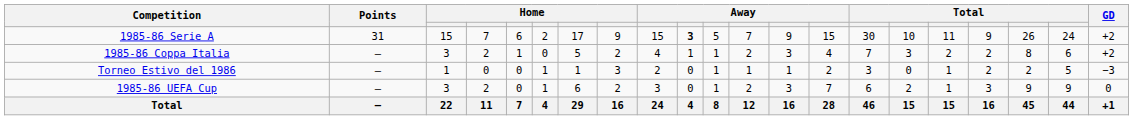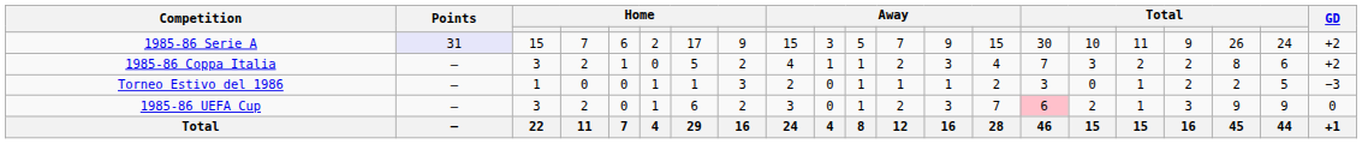 <table class="wikitable" style="font-size:90%;width:100%;margin:auto;clear:both;text-align:center;">
 <tr>
 <th rowspan="2">Competition</th>
 <th rowspan="2">Points</th>
 <th colspan="6">Home</th>
 <th colspan="6">Away</th>
 <th colspan="6">Total</th>
 <th rowspan="2"><a href='#'>GD</a></th>
 </tr>
 <tr>
 <th></th>
 <th></th>
 <th></th>
 <th></th>
 <th></th>
 <th></th>
 <th></th>
 <th></th>
 <th></th>
 <th></th>
 <th></th>
 <th></th>
 <th></th>
 <th></th>
 <th></th>
 <th></th>
 <th></th>
 <th></th>
 </tr>
 <tr>
 <td><a href='#'>1985-86 Serie A</a></td>
-<td>31</td>
+<td style="background: lavender;">31</td>
 <td>15</td>
 <td>7</td>
 <td>6</td>
 <td>2</td>
 <td>17</td>
 <td>9</td>
 <td>15</td>
-<td><strong>3</strong></td>
+<td>3</td>
 <td>5</td>
 <td>7</td>
 <td>9</td>
 <td>15</td>
 <td>30</td>
 <td>10</td>
 <td>11</td>
 <td>9</td>
 <td>26</td>
 <td>24</td>
 <td>+2</td>
 </tr>
 <tr>
 <td> <a href='#'>1985-86 Coppa Italia</a></td>
 <td>–</td>
 <td>3</td>
 <td>2</td>
 <td>1</td>
 <td>0</td>
 <td>5</td>
 <td>2</td>
 <td>4</td>
 <td>1</td>
 <td>1</td>
 <td>2</td>
 <td>3</td>
 <td>4</td>
 <td>7</td>
 <td>3</td>
 <td>2</td>
 <td>2</td>
 <td>8</td>
 <td>6</td>
 <td>+2</td>
 </tr>
 <tr>
 <td><a href='#'>Torneo Estivo del 1986</a></td>
 <td>–</td>
 <td>1</td>
 <td>0</td>
 <td>0</td>
 <td>1</td>
 <td>1</td>
 <td>3</td>
 <td>2</td>
 <td>0</td>
 <td>1</td>
 <td>1</td>
 <td>1</td>
 <td>2</td>
 <td>3</td>
 <td>0</td>
 <td>1</td>
 <td>2</td>
 <td>2</td>
 <td>5</td>
 <td>−3</td>
 </tr>
 <tr>
 <td><a href='#'>1985-86 UEFA Cup</a></td>
 <td>–</td>
 <td>3</td>
 <td>2</td>
 <td>0</td>
 <td>1</td>
 <td>6</td>
 <td>2</td>
 <td>3</td>
 <td>0</td>
 <td>1</td>
 <td>2</td>
 <td>3</td>
 <td>7</td>
-<td>6</td>
+<td style="background: pink;">6</td>
 <td>2</td>
 <td>1</td>
 <td>3</td>
 <td>9</td>
 <td>9</td>
 <td>0</td>
 </tr>
 <tr>
 <th>Total</th>
 <th>–</th>
 <th>22</th>
 <th>11</th>
 <th>7</th>
 <th>4</th>
 <th>29</th>
 <th>16</th>
 <th>24</th>
 <th>4</th>
 <th>8</th>
 <th>12</th>
 <th>16</th>
 <th>28</th>
 <th>46</th>
 <th>15</th>
 <th>15</th>
 <th>16</th>
 <th>45</th>
 <th>44</th>
 <th>+1</th>
 </tr>
 </table>
